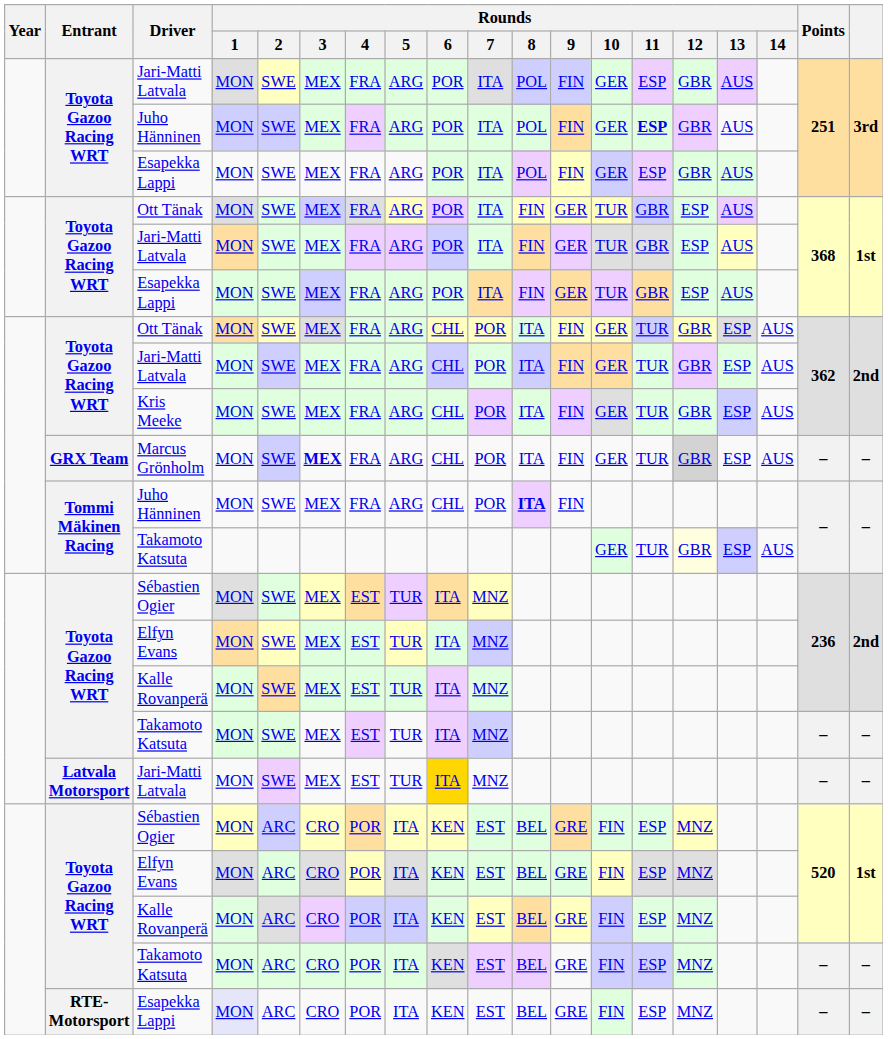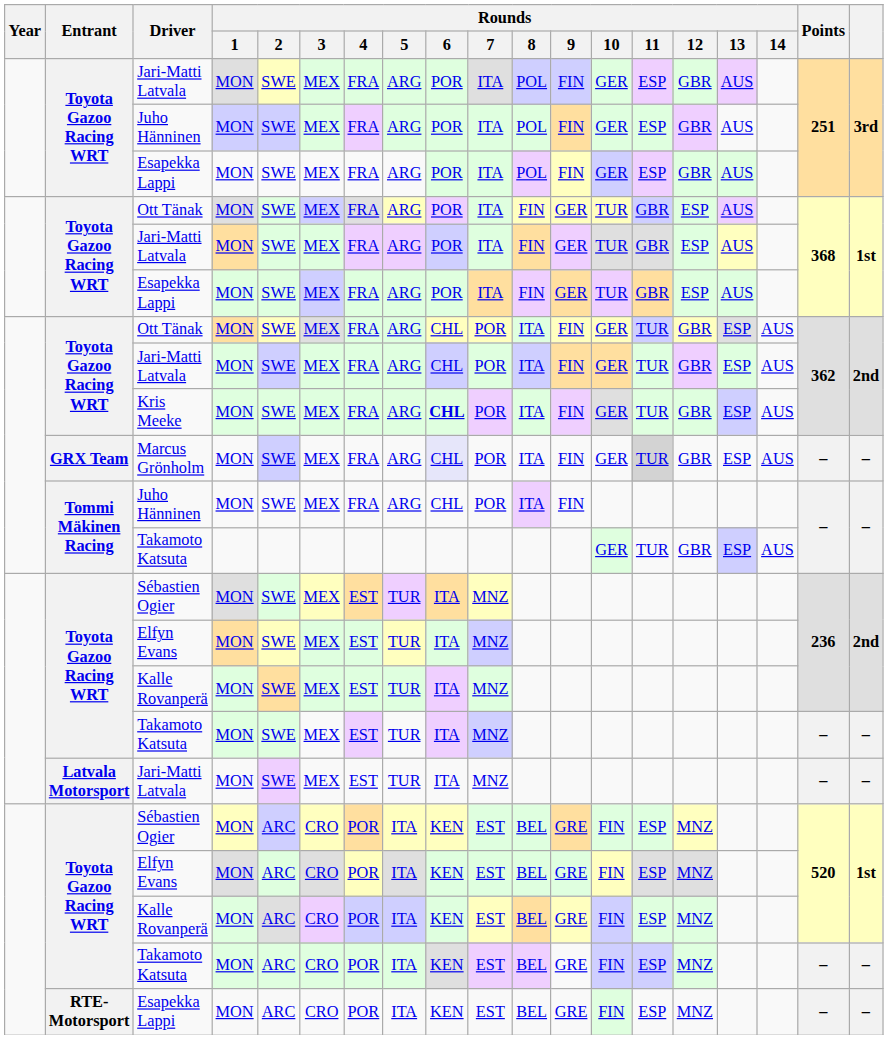 <table class="wikitable" style="text-align:center; font-size:85%">
 <tr>
 <th rowspan="2">Year</th>
 <th rowspan="2">Entrant</th>
 <th rowspan="2">Driver</th>
 <th colspan="14">Rounds</th>
 <th rowspan="2">Points</th>
 <th rowspan="2"></th>
 </tr>
 <tr>
 <th>1</th>
 <th>2</th>
 <th>3</th>
 <th>4</th>
 <th>5</th>
 <th>6</th>
 <th>7</th>
 <th>8</th>
 <th>9</th>
 <th>10</th>
 <th>11</th>
 <th>12</th>
 <th>13</th>
 <th>14</th>
 </tr>
 <tr>
 <td rowspan="3"></td>
 <th rowspan="3"> <a href='#'>Toyota Gazoo Racing WRT</a></th>
 <td align="left"> <a href='#'>Jari-Matti Latvala</a></td>
 <td style="background:#DFDFDF;"><a href='#'>MON</a><br></td>
 <td style="background:#FFFFBF;"><a href='#'>SWE</a><br></td>
 <td style="background:#DFFFDF;"><a href='#'>MEX</a><br></td>
 <td style="background:#DFFFDF;"><a href='#'>FRA</a><br></td>
 <td style="background:#DFFFDF;"><a href='#'>ARG</a><br></td>
 <td style="background:#DFFFDF;"><a href='#'>POR</a><br></td>
 <td style="background:#DFDFDF;"><a href='#'>ITA</a><br></td>
 <td style="background:#CFCFFF;"><a href='#'>POL</a><br></td>
 <td style="background:#cfcfff;"><a href='#'>FIN</a><br></td>
 <td style="background:#dfffdf;"><a href='#'>GER</a><br></td>
 <td style="background:#efcfff;"><a href='#'>ESP</a><br></td>
 <td style="background:#dfffdf;"><a href='#'>GBR</a><br></td>
 <td style="background:#efcfff;"><a href='#'>AUS</a><br></td>
 <td></td>
 <th style="background:#FFDF9F" rowspan="3">251</th>
 <th style="background:#FFDF9F" rowspan="3">3rd</th>
 </tr>
 <tr>
 <td align="left"> <a href='#'>Juho Hänninen</a></td>
 <td style="background:#CFCFFF;"><a href='#'>MON</a><br></td>
 <td style="background:#CFCFFF;"><a href='#'>SWE</a><br></td>
 <td style="background:#DFFFDF;"><a href='#'>MEX</a><br></td>
 <td style="background:#EFCFFF;"><a href='#'>FRA</a><br></td>
 <td style="background:#DFFFDF;"><a href='#'>ARG</a><br></td>
 <td style="background:#DFFFDF;"><a href='#'>POR</a><br></td>
 <td style="background:#DFFFDF;"><a href='#'>ITA</a><br></td>
 <td style="background:#DFFFDF;"><a href='#'>POL</a><br></td>
 <td style="background:#ffdf9f;"><a href='#'>FIN</a><br></td>
 <td style="background:#dfffdf;"><a href='#'>GER</a><br></td>
-<td style="background:#dfffdf;"><strong><a href='#'>ESP</a><br></strong></td>
+<td style="background:#dfffdf;"><a href='#'>ESP</a><br></td>
 <td style="background:#efcfff;"><a href='#'>GBR</a><br></td>
 <td><a href='#'>AUS</a></td>
 <td></td>
 </tr>
 <tr>
 <td align="left"> <a href='#'>Esapekka Lappi</a></td>
 <td><a href='#'>MON</a></td>
 <td><a href='#'>SWE</a></td>
 <td><a href='#'>MEX</a></td>
 <td><a href='#'>FRA</a></td>
 <td><a href='#'>ARG</a></td>
 <td style="background:#DFFFDF;"><a href='#'>POR</a><br></td>
 <td style="background:#DFFFDF;"><a href='#'>ITA</a><br></td>
 <td style="background:#EFCFFF;"><a href='#'>POL</a><br></td>
 <td style="background:#FFFFBF;"><a href='#'>FIN</a><br></td>
 <td style="background:#cfcfff;"><a href='#'>GER</a><br></td>
 <td style="background:#efcfff;"><a href='#'>ESP</a><br></td>
 <td style="background:#dfffdf;"><a href='#'>GBR</a><br></td>
 <td style="background:#dfffdf;"><a href='#'>AUS</a><br></td>
 <td></td>
 </tr>
 <tr>
 <td rowspan="3"></td>
 <th rowspan="3"> <a href='#'>Toyota Gazoo Racing WRT</a></th>
 <td align="left"> <a href='#'>Ott Tänak</a></td>
 <td style="background:#DFDFDF;"><a href='#'>MON</a><br></td>
 <td style="background:#dfffdf;"><a href='#'>SWE</a><br></td>
 <td style="background:#cfcfff;"><a href='#'>MEX</a><br></td>
 <td style="background:#DFDFDF;"><a href='#'>FRA</a><br></td>
 <td style="background:#FFFFBF;"><a href='#'>ARG</a><br></td>
 <td style="background:#EFCFFF;"><a href='#'>POR</a><br></td>
 <td style="background:#dfffdf;"><a href='#'>ITA</a><br></td>
 <td style="background:#FFFFBF;"><a href='#'>FIN</a><br></td>
 <td style="background:#FFFFBF;"><a href='#'>GER</a><br></td>
 <td style="background:#FFFFBF;"><a href='#'>TUR</a><br></td>
 <td style="background:#cfcfff;"><a href='#'>GBR</a><br></td>
 <td style="background:#dfffdf;"><a href='#'>ESP</a><br></td>
 <td style="background:#EFCFFF;"><a href='#'>AUS</a><br></td>
 <td></td>
 <th style="background:#FFFFBF" rowspan="3">368</th>
 <th style="background:#FFFFBF" rowspan="3">1st</th>
 </tr>
 <tr>
 <td align="left"> <a href='#'>Jari-Matti Latvala</a></td>
 <td style="background:#FFDF9F;"><a href='#'>MON</a><br></td>
 <td style="background:#dfffdf;"><a href='#'>SWE</a><br></td>
 <td style="background:#dfffdf;"><a href='#'>MEX</a><br></td>
 <td style="background:#EFCFFF;"><a href='#'>FRA</a><br></td>
 <td style="background:#EFCFFF;"><a href='#'>ARG</a><br></td>
 <td style="background:#cfcfff;"><a href='#'>POR</a><br></td>
 <td style="background:#dfffdf;"><a href='#'>ITA</a><br></td>
 <td style="background:#FFDF9F;"><a href='#'>FIN</a><br></td>
 <td style="background:#EFCFFF;"><a href='#'>GER</a><br></td>
 <td style="background:#DFDFDF;"><a href='#'>TUR</a><br></td>
 <td style="background:#DFDFDF;"><a href='#'>GBR</a><br></td>
 <td style="background:#dfffdf;"><a href='#'>ESP</a><br></td>
 <td style="background:#FFFFBF;"><a href='#'>AUS</a><br></td>
 <td></td>
 </tr>
 <tr>
 <td align="left"> <a href='#'>Esapekka Lappi</a></td>
 <td style="background:#DFFFDF;"><a href='#'>MON</a><br></td>
 <td style="background:#dfffdf;"><a href='#'>SWE</a><br></td>
 <td style="background:#cfcfff;"><a href='#'>MEX</a><br></td>
 <td style="background:#dfffdf;"><a href='#'>FRA</a><br></td>
 <td style="background:#dfffdf;"><a href='#'>ARG</a><br></td>
 <td style="background:#dfffdf;"><a href='#'>POR</a><br></td>
 <td style="background:#FFDF9F;"><a href='#'>ITA</a><br></td>
 <td style="background:#EFCFFF;"><a href='#'>FIN</a><br></td>
 <td style="background:#FFDF9F;"><a href='#'>GER</a><br></td>
 <td style="background:#EFCFFF;"><a href='#'>TUR</a><br></td>
 <td style="background:#FFDF9F;"><a href='#'>GBR</a><br></td>
 <td style="background:#dfffdf;"><a href='#'>ESP</a><br></td>
 <td style="background:#dfffdf;"><a href='#'>AUS</a><br></td>
 <td></td>
 </tr>
 <tr>
 <td rowspan="6"></td>
 <th rowspan="3"> <a href='#'>Toyota Gazoo Racing WRT</a></th>
 <td align="left"> <a href='#'>Ott Tänak</a></td>
 <td style="background:#FFDF9F;"><a href='#'>MON</a><br></td>
 <td style="background:#FFFFBF;"><a href='#'>SWE</a><br></td>
 <td style="background:#DFDFDF;"><a href='#'>MEX</a><br></td>
 <td style="background:#dfffdf;"><a href='#'>FRA</a><br></td>
 <td style="background:#dfffdf;"><a href='#'>ARG</a><br></td>
 <td style="background:#FFFFBF;"><a href='#'>CHL</a><br></td>
 <td style="background:#FFFFBF;"><a href='#'>POR</a><br></td>
 <td style="background:#dfffdf;"><a href='#'>ITA</a><br></td>
 <td style="background:#FFFFBF;"><a href='#'>FIN</a><br></td>
 <td style="background:#FFFFBF;"><a href='#'>GER</a><br></td>
 <td style="background:#cfcfff;"><a href='#'>TUR</a><br></td>
 <td style="background:#FFFFBF;"><a href='#'>GBR</a><br></td>
 <td style="background:#DFDFDF;"><a href='#'>ESP</a><br></td>
 <td><a href='#'>AUS</a><br></td>
 <th style="background:#DFDFDF" rowspan="3">362</th>
 <th style="background:#DFDFDF" rowspan="3">2nd</th>
 </tr>
 <tr>
 <td align="left"> <a href='#'>Jari-Matti Latvala</a></td>
 <td style="background:#dfffdf;"><a href='#'>MON</a><br></td>
 <td style="background:#cfcfff;"><a href='#'>SWE</a><br></td>
 <td style="background:#dfffdf;"><a href='#'>MEX</a><br></td>
 <td style="background:#dfffdf;"><a href='#'>FRA</a><br></td>
 <td style="background:#dfffdf;"><a href='#'>ARG</a><br></td>
 <td style="background:#cfcfff;"><a href='#'>CHL</a><br></td>
 <td style="background:#dfffdf;"><a href='#'>POR</a><br></td>
 <td style="background:#cfcfff;"><a href='#'>ITA</a><br></td>
 <td style="background:#FFDF9F;"><a href='#'>FIN</a><br></td>
 <td style="background:#FFDF9F;"><a href='#'>GER</a><br></td>
 <td style="background:#dfffdf;"><a href='#'>TUR</a><br></td>
 <td style="background:#EFCFFF;"><a href='#'>GBR</a><br></td>
 <td style="background:#dfffdf;"><a href='#'>ESP</a><br></td>
 <td><a href='#'>AUS</a><br></td>
 </tr>
 <tr>
 <td align="left"> <a href='#'>Kris Meeke</a></td>
 <td style="background:#dfffdf;"><a href='#'>MON</a><br></td>
 <td style="background:#dfffdf;"><a href='#'>SWE</a><br></td>
 <td style="background:#dfffdf;"><a href='#'>MEX</a><br></td>
 <td style="background:#dfffdf;"><a href='#'>FRA</a><br></td>
 <td style="background:#dfffdf;"><a href='#'>ARG</a><br></td>
-<td style="background:#dfffdf;"><a href='#'>CHL</a><br></td>
+<td style="background:#dfffdf;"><strong><a href='#'>CHL</a><br></strong></td>
 <td style="background:#EFCFFF;"><a href='#'>POR</a><br></td>
 <td style="background:#dfffdf;"><a href='#'>ITA</a><br></td>
 <td style="background:#EFCFFF;"><a href='#'>FIN</a><br></td>
 <td style="background:#DFDFDF;"><a href='#'>GER</a><br></td>
 <td style="background:#dfffdf;"><a href='#'>TUR</a><br></td>
 <td style="background:#dfffdf;"><a href='#'>GBR</a><br></td>
 <td style="background:#cfcfff;"><a href='#'>ESP</a><br></td>
 <td><a href='#'>AUS</a><br></td>
 </tr>
 <tr>
 <th> <a href='#'>GRX Team</a></th>
 <td align="left"> <a href='#'>Marcus Grönholm</a></td>
 <td><a href='#'>MON</a></td>
 <td style="background:#cfcfff;"><a href='#'>SWE</a><br></td>
-<td><strong><a href='#'>MEX</a></strong></td>
+<td><a href='#'>MEX</a></td>
 <td><a href='#'>FRA</a></td>
 <td><a href='#'>ARG</a></td>
-<td><a href='#'>CHL</a></td>
+<td style="background: lavender;"><a href='#'>CHL</a></td>
 <td><a href='#'>POR</a></td>
 <td><a href='#'>ITA</a></td>
 <td><a href='#'>FIN</a></td>
 <td><a href='#'>GER</a></td>
-<td><a href='#'>TUR</a></td>
-<td style="background: lightgrey;"><a href='#'>GBR</a></td>
+<td style="background: lightgrey;"><a href='#'>TUR</a></td>
+<td><a href='#'>GBR</a></td>
 <td><a href='#'>ESP</a></td>
 <td><a href='#'>AUS</a><br></td>
 <th>–</th>
 <th>–</th>
 </tr>
 <tr>
 <th rowspan="2"> <a href='#'>Tommi Mäkinen Racing</a></th>
 <td align="left"> <a href='#'>Juho Hänninen</a></td>
 <td><a href='#'>MON</a></td>
 <td><a href='#'>SWE</a></td>
 <td><a href='#'>MEX</a></td>
 <td><a href='#'>FRA</a></td>
 <td><a href='#'>ARG</a></td>
 <td><a href='#'>CHL</a></td>
 <td><a href='#'>POR</a></td>
-<td style="background:#EFCFFF;"><strong><a href='#'>ITA</a><br></strong></td>
+<td style="background:#EFCFFF;"><a href='#'>ITA</a><br></td>
 <td><a href='#'>FIN</a></td>
 <td></td>
 <td></td>
 <td></td>
 <td></td>
 <td></td>
 <th rowspan="2">–</th>
 <th rowspan="2">–</th>
 </tr>
 <tr>
 <td align="left"> <a href='#'>Takamoto Katsuta</a></td>
 <td></td>
 <td></td>
 <td></td>
 <td></td>
 <td></td>
 <td></td>
 <td></td>
 <td></td>
 <td></td>
 <td style="background:#dfffdf;"><a href='#'>GER</a><br></td>
 <td><a href='#'>TUR</a></td>
-<td style="background: lightyellow;"><a href='#'>GBR</a></td>
+<td><a href='#'>GBR</a></td>
 <td style="background:#cfcfff;"><a href='#'>ESP</a><br></td>
 <td><a href='#'>AUS</a><br></td>
 </tr>
 <tr>
 <td rowspan="5"></td>
 <th rowspan="4"> <a href='#'>Toyota Gazoo Racing WRT</a></th>
 <td align="left"> <a href='#'>Sébastien Ogier</a></td>
 <td style="background:#DFDFDF;"><a href='#'>MON</a><br></td>
 <td style="background:#dfffdf;"><a href='#'>SWE</a><br></td>
 <td style="background:#FFFFBF;"><a href='#'>MEX</a><br></td>
 <td style="background:#FFDF9F;"><a href='#'>EST</a><br></td>
 <td style="background:#EFCFFF;"><a href='#'>TUR</a><br></td>
 <td style="background:#FFDF9F;"><a href='#'>ITA</a><br></td>
 <td style="background:#FFFFBF;"><a href='#'>MNZ</a><br></td>
 <td></td>
 <td></td>
 <td></td>
 <td></td>
 <td></td>
 <td></td>
 <td></td>
 <th rowspan="3" style="background:#DFDFDF;">236</th>
 <th rowspan="3" style="background:#DFDFDF;">2nd</th>
 </tr>
 <tr>
 <td align="left"> <a href='#'>Elfyn Evans</a></td>
 <td style="background:#FFDF9F;"><a href='#'>MON</a><br></td>
 <td style="background:#FFFFBF;"><a href='#'>SWE</a><br></td>
 <td style="background:#dfffdf;"><a href='#'>MEX</a><br></td>
 <td style="background:#dfffdf;"><a href='#'>EST</a><br></td>
 <td style="background:#FFFFBF;"><a href='#'>TUR</a><br></td>
 <td style="background:#dfffdf;"><a href='#'>ITA</a><br></td>
 <td style="background:#cfcfff;"><a href='#'>MNZ</a><br></td>
 <td></td>
 <td></td>
 <td></td>
 <td></td>
 <td></td>
 <td></td>
 </tr>
 <tr>
 <td align="left"> <a href='#'>Kalle Rovanperä</a></td>
 <td style="background:#dfffdf;"><a href='#'>MON</a><br></td>
 <td style="background:#FFDF9F;"><a href='#'>SWE</a><br></td>
 <td style="background:#dfffdf;"><a href='#'>MEX</a><br></td>
 <td style="background:#dfffdf;"><a href='#'>EST</a><br></td>
 <td style="background:#dfffdf;"><a href='#'>TUR</a><br></td>
 <td style="background:#EFCFFF;"><a href='#'>ITA</a><br></td>
 <td style="background:#dfffdf;"><a href='#'>MNZ</a><br></td>
 <td></td>
 <td></td>
 <td></td>
 <td></td>
 <td></td>
 <td></td>
 <td></td>
 </tr>
 <tr>
 <td align="left"> <a href='#'>Takamoto Katsuta</a></td>
 <td style="background:#dfffdf;"><a href='#'>MON</a><br></td>
 <td style="background:#dfffdf;"><a href='#'>SWE</a><br></td>
 <td><a href='#'>MEX</a></td>
 <td style="background:#EFCFFF;"><a href='#'>EST</a><br></td>
 <td><a href='#'>TUR</a></td>
 <td style="background:#EFCFFF;"><a href='#'>ITA</a><br></td>
 <td style="background:#cfcfff;"><a href='#'>MNZ</a><br></td>
 <td></td>
 <td></td>
 <td></td>
 <td></td>
 <td></td>
 <td></td>
 <td></td>
 <th>–</th>
 <th>–</th>
 </tr>
 <tr>
 <th> <a href='#'>Latvala Motorsport</a></th>
 <td align="left"> <a href='#'>Jari-Matti Latvala</a></td>
 <td><a href='#'>MON</a></td>
 <td style="background:#EFCFFF;"><a href='#'>SWE</a><br></td>
 <td><a href='#'>MEX</a></td>
 <td><a href='#'>EST</a></td>
 <td><a href='#'>TUR</a></td>
-<td style="background: gold;"><a href='#'>ITA</a></td>
+<td><a href='#'>ITA</a></td>
 <td><a href='#'>MNZ</a></td>
 <td></td>
 <td></td>
 <td></td>
 <td></td>
 <td></td>
 <td></td>
 <td></td>
 <th>–</th>
 <th>–</th>
 </tr>
 <tr>
 <td rowspan="5"></td>
 <th rowspan="4"> <a href='#'>Toyota Gazoo Racing WRT</a></th>
 <td align="left"> <a href='#'>Sébastien Ogier</a></td>
 <td style="background:#FFFFBF;"><a href='#'>MON</a><br></td>
 <td style="background:#cfcfff;"><a href='#'>ARC</a><br></td>
 <td style="background:#FFFFBF;"><a href='#'>CRO</a><br></td>
 <td style="background:#FFDF9F;"><a href='#'>POR</a><br></td>
 <td style="background:#FFFFBF;"><a href='#'>ITA</a><br></td>
 <td style="background:#FFFFBF;"><a href='#'>KEN</a><br></td>
 <td style="background:#dfffdf;"><a href='#'>EST</a><br></td>
 <td style="background:#dfffdf;"><a href='#'>BEL</a><br></td>
 <td style="background:#FFDF9F;"><a href='#'>GRE</a><br></td>
 <td style="background:#dfffdf;"><a href='#'>FIN</a><br></td>
 <td style="background:#dfffdf;"><a href='#'>ESP</a><br></td>
 <td style="background:#FFFFBF;"><a href='#'>MNZ</a><br></td>
 <td></td>
 <td></td>
 <th style="background:#FFFFBF" rowspan="3">520</th>
 <th style="background:#FFFFBF" rowspan="3">1st</th>
 </tr>
 <tr>
 <td align="left"> <a href='#'>Elfyn Evans</a></td>
 <td style="background:#DFDFDF;"><a href='#'>MON</a><br></td>
 <td style="background:#dfffdf;"><a href='#'>ARC</a><br></td>
 <td style="background:#DFDFDF;"><a href='#'>CRO</a><br></td>
 <td style="background:#FFFFBF;"><a href='#'>POR</a><br></td>
 <td style="background:#DFDFDF;"><a href='#'>ITA</a><br></td>
 <td style="background:#dfffdf;"><a href='#'>KEN</a><br></td>
 <td style="background:#dfffdf;"><a href='#'>EST</a><br></td>
 <td style="background:#dfffdf;"><a href='#'>BEL</a><br></td>
 <td style="background:#dfffdf;"><a href='#'>GRE</a><br></td>
 <td style="background:#FFFFBF;"><a href='#'>FIN</a><br></td>
 <td style="background:#DFDFDF;"><a href='#'>ESP</a><br></td>
 <td style="background:#DFDFDF;"><a href='#'>MNZ</a><br></td>
 <td></td>
 <td></td>
 </tr>
 <tr>
 <td align="left"> <a href='#'>Kalle Rovanperä</a></td>
 <td style="background:#dfffdf;"><a href='#'>MON</a><br></td>
 <td style="background:#DFDFDF;"><a href='#'>ARC</a><br></td>
 <td style="background:#EFCFFF;"><a href='#'>CRO</a><br></td>
 <td style="background:#cfcfff;"><a href='#'>POR</a><br></td>
 <td style="background:#cfcfff;"><a href='#'>ITA</a><br></td>
 <td style="background:#dfffdf;"><a href='#'>KEN</a><br></td>
 <td style="background:#FFFFBF;"><a href='#'>EST</a><br></td>
 <td style="background:#FFDF9F;"><a href='#'>BEL</a><br></td>
 <td style="background:#FFFFBF;"><a href='#'>GRE</a><br></td>
 <td style="background:#cfcfff;"><a href='#'>FIN</a><br></td>
 <td style="background:#dfffdf;"><a href='#'>ESP</a><br></td>
 <td style="background:#dfffdf;"><a href='#'>MNZ</a><br></td>
 <td></td>
 <td></td>
 </tr>
 <tr>
 <td align="left"> <a href='#'>Takamoto Katsuta</a></td>
 <td style="background:#dfffdf;"><a href='#'>MON</a><br></td>
 <td style="background:#dfffdf;"><a href='#'>ARC</a><br></td>
 <td style="background:#dfffdf;"><a href='#'>CRO</a><br></td>
 <td style="background:#dfffdf;"><a href='#'>POR</a><br></td>
 <td style="background:#dfffdf;"><a href='#'>ITA</a><br></td>
 <td style="background:#DFDFDF;"><a href='#'>KEN</a><br></td>
 <td style="background:#EFCFFF;"><a href='#'>EST</a><br></td>
 <td style="background:#EFCFFF;"><a href='#'>BEL</a><br></td>
 <td><a href='#'>GRE</a><br></td>
 <td style="background:#cfcfff;"><a href='#'>FIN</a><br></td>
 <td style="background:#cfcfff;"><a href='#'>ESP</a><br></td>
 <td style="background:#dfffdf;"><a href='#'>MNZ</a><br></td>
 <td></td>
 <td></td>
 <th>–</th>
 <th>–</th>
 </tr>
 <tr>
 <th> RTE-Motorsport</th>
 <td align="left"> <a href='#'>Esapekka Lappi</a></td>
-<td style="background: lavender;"><a href='#'>MON</a></td>
+<td><a href='#'>MON</a></td>
 <td><a href='#'>ARC</a></td>
 <td><a href='#'>CRO</a></td>
 <td><a href='#'>POR</a></td>
 <td><a href='#'>ITA</a></td>
 <td><a href='#'>KEN</a></td>
 <td><a href='#'>EST</a></td>
 <td><a href='#'>BEL</a></td>
 <td><a href='#'>GRE</a></td>
 <td style="background:#dfffdf;"><a href='#'>FIN</a><br></td>
 <td><a href='#'>ESP</a></td>
 <td><a href='#'>MNZ</a></td>
 <td></td>
 <td></td>
 <th>–</th>
 <th>–</th>
 </tr>
 <tr>
 </tr>
 </table>
